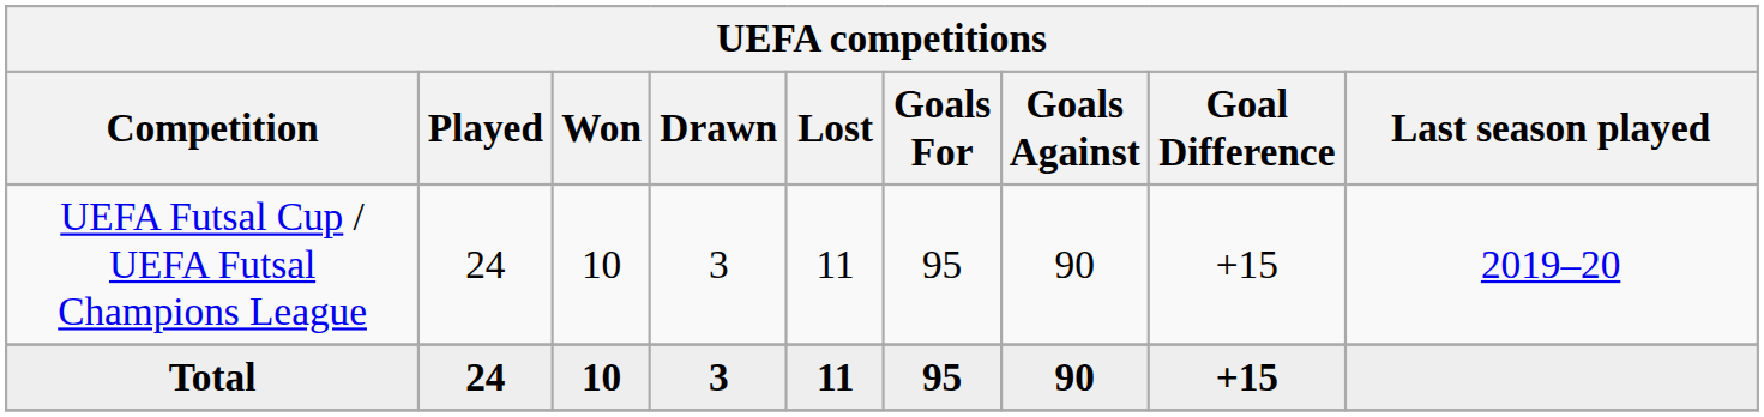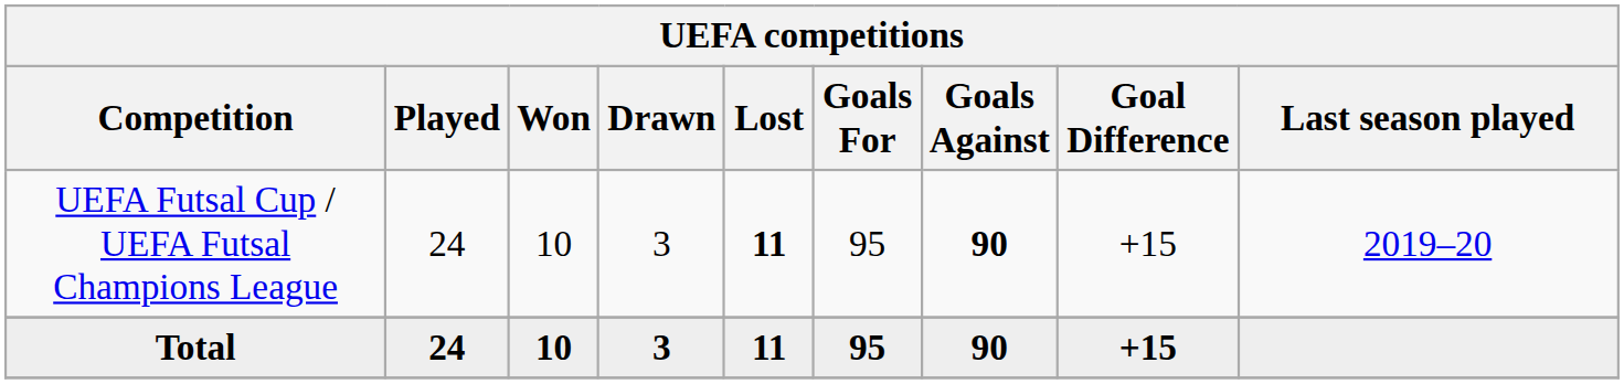 <table class="wikitable" style="font-size:95%; text-align: center;">
 <tr>
 <th colspan="9">UEFA competitions</th>
 </tr>
 <tr>
 <th width="150">Competition</th>
 <th width="30">Played</th>
 <th width="30">Won</th>
 <th width="30">Drawn</th>
 <th width="30">Lost</th>
 <th width="30">Goals For</th>
 <th width="30">Goals Against</th>
 <th width="30">Goal Difference</th>
 <th width="150">Last season played</th>
 </tr>
 <tr>
 <td><a href='#'>UEFA Futsal Cup</a> / <a href='#'>UEFA Futsal Champions League</a></td>
 <td>24</td>
 <td>10</td>
 <td>3</td>
-<td>11</td>
+<td><strong>11</strong></td>
 <td>95</td>
-<td>90</td>
+<td><strong>90</strong></td>
 <td>+15</td>
 <td><a href='#'>2019–20</a></td>
 </tr>
 <tr>
 </tr>
 <tr bgcolor=#EEEEEE>
 <td><strong>Total</strong></td>
 <td><strong>24</strong></td>
 <td><strong>10</strong></td>
 <td><strong>3</strong></td>
 <td><strong>11</strong></td>
 <td><strong>95</strong></td>
 <td><strong>90</strong></td>
 <td><strong>+15</strong></td>
 <td></td>
 </tr>
 <tr>
 </tr>
 </table>
